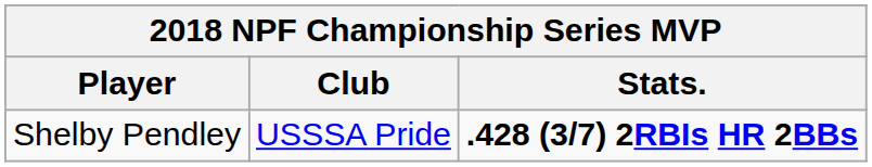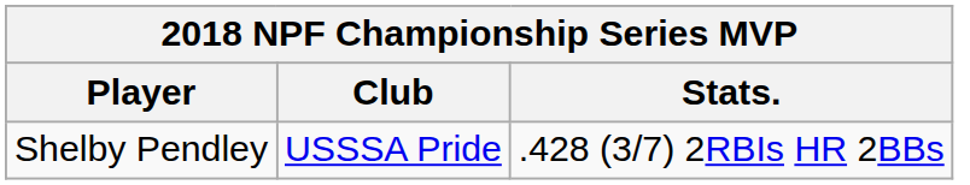 <table class="wikitable">
 <tr>
 <th colspan=3>2018 NPF Championship Series MVP</th>
 </tr>
 <tr>
 <th>Player</th>
 <th>Club</th>
 <th>Stats.</th>
 </tr>
 <tr>
 <td>Shelby Pendley</td>
 <td><a href='#'>USSSA Pride</a></td>
-<td><strong>.428 (3/7) 2<a href='#'>RBIs</a> <a href='#'>HR</a> 2<a href='#'>BBs</a></strong></td>
+<td>.428 (3/7) 2<a href='#'>RBIs</a> <a href='#'>HR</a> 2<a href='#'>BBs</a></td>
 </tr>
 </table>
